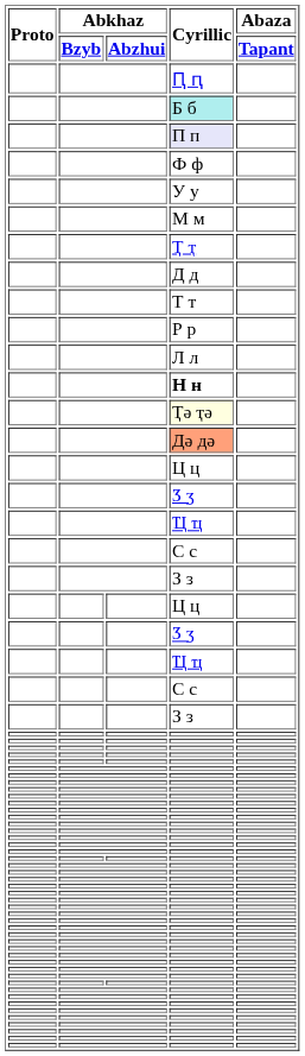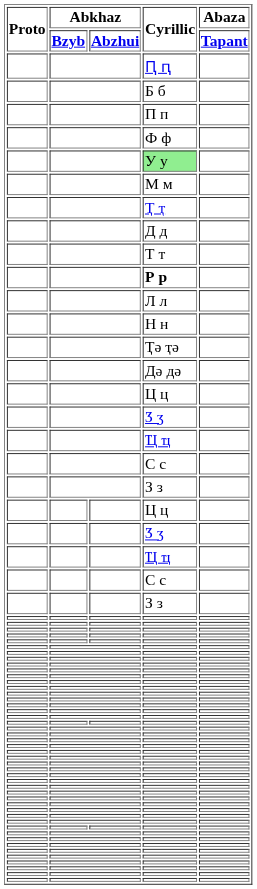 <table wikitable" border="1" text-align="right">
 <tr>
 <th rowspan="2">Proto</th>
 <th colspan="2">Abkhaz</th>
 <th rowspan="2">Cyrillic</th>
 <th>Abaza</th>
 </tr>
 <tr>
 <th><a href='#'>Bzyb</a></th>
 <th><a href='#'>Abzhui</a></th>
 <th><a href='#'>Tapant</a></th>
 </tr>
 <tr>
 <td></td>
 <td colspan="2"></td>
 <td><a href='#'>Ԥ ԥ</a></td>
 <td></td>
 </tr>
 <tr>
 <td></td>
 <td colspan="2"></td>
-<td style="background: paleturquoise;">Б б</td>
+<td>Б б</td>
 <td></td>
 </tr>
 <tr>
 <td></td>
 <td colspan="2"></td>
-<td style="background: lavender;">П п</td>
+<td>П п</td>
 <td></td>
 </tr>
 <tr>
 <td></td>
 <td colspan="2"></td>
 <td>Ф ф</td>
 <td></td>
 </tr>
 <tr>
 <td></td>
 <td colspan="2"></td>
-<td>У у</td>
+<td style="background: lightgreen;">У у</td>
 <td></td>
 </tr>
 <tr>
 <td></td>
 <td colspan="2"></td>
 <td>М м</td>
 <td></td>
 </tr>
 <tr>
 <td></td>
 <td colspan="2"></td>
 <td><a href='#'>Ҭ ҭ</a></td>
 <td></td>
 </tr>
 <tr>
 <td></td>
 <td colspan="2"></td>
 <td>Д д</td>
 <td></td>
 </tr>
 <tr>
 <td></td>
 <td colspan="2"></td>
 <td>Т т</td>
 <td></td>
 </tr>
 <tr>
 <td></td>
 <td colspan="2"></td>
-<td>Р р</td>
+<td><strong>Р р</strong></td>
 <td></td>
 </tr>
 <tr>
 <td></td>
 <td colspan="2"></td>
 <td>Л л</td>
 <td></td>
 </tr>
 <tr>
 <td></td>
 <td colspan="2"></td>
-<td><strong>Н н</strong></td>
+<td>Н н</td>
 <td></td>
 </tr>
 <tr>
 <td></td>
 <td colspan="2"></td>
-<td style="background: lightyellow;">Ҭә ҭә</td>
+<td>Ҭә ҭә</td>
 <td></td>
 </tr>
 <tr>
 <td></td>
 <td colspan="2"></td>
-<td style="background: lightsalmon;">Дә дә</td>
+<td>Дә дә</td>
 <td></td>
 </tr>
 <tr>
 <td></td>
 <td colspan="2"></td>
 <td>Ц ц</td>
 <td></td>
 </tr>
 <tr>
 <td></td>
 <td colspan="2"></td>
 <td><a href='#'>Ӡ ӡ</a></td>
 <td></td>
 </tr>
 <tr>
 <td></td>
 <td colspan="2"></td>
 <td><a href='#'>Ҵ ҵ</a></td>
 <td></td>
 </tr>
 <tr>
 <td></td>
 <td colspan="2"></td>
 <td>С с</td>
 <td></td>
 </tr>
 <tr>
 <td></td>
 <td colspan="2"></td>
 <td>З з</td>
 <td></td>
 </tr>
 <tr>
 <td></td>
 <td></td>
 <td></td>
 <td>Ц ц</td>
 <td></td>
 </tr>
 <tr>
 <td></td>
 <td></td>
 <td></td>
 <td><a href='#'>Ӡ ӡ</a></td>
 <td></td>
 </tr>
 <tr>
 <td></td>
 <td></td>
 <td></td>
 <td><a href='#'>Ҵ ҵ</a></td>
 <td></td>
 </tr>
 <tr>
 <td></td>
 <td></td>
 <td></td>
 <td>С с</td>
 <td></td>
 </tr>
 <tr>
 <td></td>
 <td></td>
 <td></td>
 <td>З з</td>
 <td></td>
 </tr>
 <tr>
 <td></td>
 <td></td>
 <td></td>
 <td></td>
 <td></td>
 </tr>
 <tr>
 <td></td>
 <td></td>
 <td></td>
 <td></td>
 <td></td>
 </tr>
 <tr>
 <td></td>
 <td></td>
 <td></td>
 <td></td>
 <td></td>
 </tr>
 <tr>
 <td></td>
 <td></td>
 <td></td>
 <td></td>
 <td></td>
 </tr>
 <tr>
 <td></td>
 <td></td>
 <td></td>
 <td></td>
 <td></td>
 </tr>
 <tr>
 <td></td>
 <td colspan="2"></td>
 <td></td>
 <td></td>
 </tr>
 <tr>
 <td></td>
 <td colspan="2"></td>
 <td></td>
 <td></td>
 </tr>
 <tr>
 <td></td>
 <td colspan="2"></td>
 <td></td>
 <td></td>
 </tr>
 <tr>
 <td></td>
 <td colspan="2"></td>
 <td></td>
 <td></td>
 </tr>
 <tr>
 <td></td>
 <td colspan="2"></td>
 <td></td>
 <td></td>
 </tr>
 <tr>
 <td></td>
 <td colspan="2"></td>
 <td></td>
 <td></td>
 </tr>
 <tr>
 <td></td>
 <td colspan="2"></td>
 <td></td>
 <td></td>
 </tr>
 <tr>
 <td></td>
 <td colspan="2"></td>
 <td></td>
 <td></td>
 </tr>
 <tr>
 <td></td>
 <td colspan="2"></td>
 <td></td>
 <td></td>
 </tr>
 <tr>
 <td></td>
 <td colspan="2"></td>
 <td></td>
 <td></td>
 </tr>
 <tr>
 <td></td>
 <td colspan="2"></td>
 <td></td>
 <td></td>
 </tr>
 <tr>
 <td></td>
 <td colspan="2"></td>
 <td></td>
 <td></td>
 </tr>
 <tr>
 <td></td>
 <td colspan="2"></td>
 <td></td>
 <td></td>
 </tr>
 <tr>
 <td></td>
 <td></td>
 <td></td>
 <td></td>
 <td></td>
 </tr>
 <tr>
 <td></td>
 <td colspan="2"></td>
 <td></td>
 <td></td>
 </tr>
 <tr>
 <td></td>
 <td colspan="2"></td>
 <td></td>
 <td></td>
 </tr>
 <tr>
 <td></td>
 <td colspan="2"></td>
 <td></td>
 <td></td>
 </tr>
 <tr>
 <td></td>
 <td colspan="2"></td>
 <td></td>
 <td></td>
 </tr>
 <tr>
 <td></td>
 <td colspan="2"></td>
 <td></td>
 <td></td>
 </tr>
 <tr>
 <td></td>
 <td colspan="2"></td>
 <td></td>
 <td></td>
 </tr>
 <tr>
 <td></td>
 <td colspan="2"></td>
 <td></td>
 <td></td>
 </tr>
 <tr>
 <td></td>
 <td colspan="2"></td>
 <td></td>
 <td></td>
 </tr>
 <tr>
 <td></td>
 <td colspan="2"></td>
 <td></td>
 <td></td>
 </tr>
 <tr>
 <td></td>
 <td colspan="2"></td>
 <td></td>
 <td></td>
 </tr>
 <tr>
 <td></td>
 <td colspan="2"></td>
 <td></td>
 <td></td>
 </tr>
 <tr>
 <td></td>
 <td colspan="2"></td>
 <td></td>
 <td></td>
 </tr>
 <tr>
 <td></td>
 <td colspan="2"></td>
 <td></td>
 <td></td>
 </tr>
 <tr>
 <td></td>
 <td colspan="2"></td>
 <td></td>
 <td></td>
 </tr>
 <tr>
 <td></td>
 <td colspan="2"></td>
 <td></td>
 <td></td>
 </tr>
 <tr>
 <td></td>
 <td colspan="2"></td>
 <td></td>
 <td></td>
 </tr>
 <tr>
 <td></td>
 <td colspan="2"></td>
 <td></td>
 <td></td>
 </tr>
 <tr>
 <td></td>
 <td></td>
 <td></td>
 <td></td>
 <td></td>
 </tr>
 <tr>
 <td></td>
 <td colspan="2"></td>
 <td></td>
 <td></td>
 </tr>
 <tr>
 <td></td>
 <td colspan="2"></td>
 <td></td>
 <td></td>
 </tr>
 <tr>
 <td></td>
 <td colspan="2"></td>
 <td></td>
 <td></td>
 </tr>
 <tr>
 <td></td>
 <td colspan="2"></td>
 <td></td>
 <td></td>
 </tr>
 <tr>
 <td></td>
 <td colspan="2"></td>
 <td></td>
 <td></td>
 </tr>
 <tr>
 <td></td>
 <td colspan="2"></td>
 <td></td>
 <td></td>
 </tr>
 <tr>
 <td></td>
 <td colspan="2"></td>
 <td></td>
 <td></td>
 </tr>
 <tr>
 <td></td>
 <td colspan="2"></td>
 <td></td>
 <td></td>
 </tr>
 <tr>
 <td></td>
 <td colspan="2"></td>
 <td></td>
 <td></td>
 </tr>
 </table>
